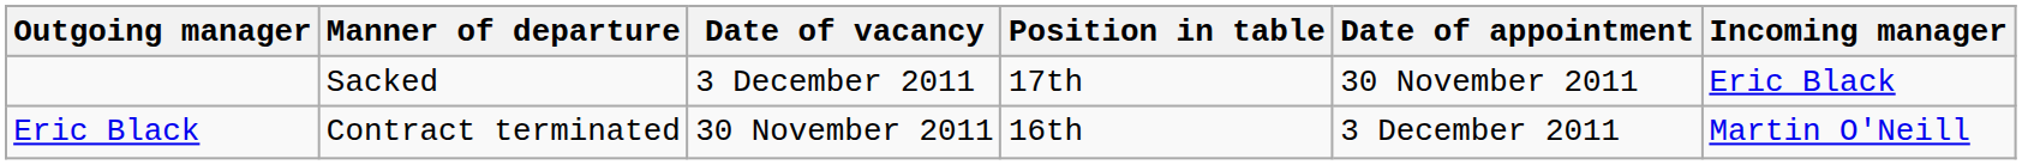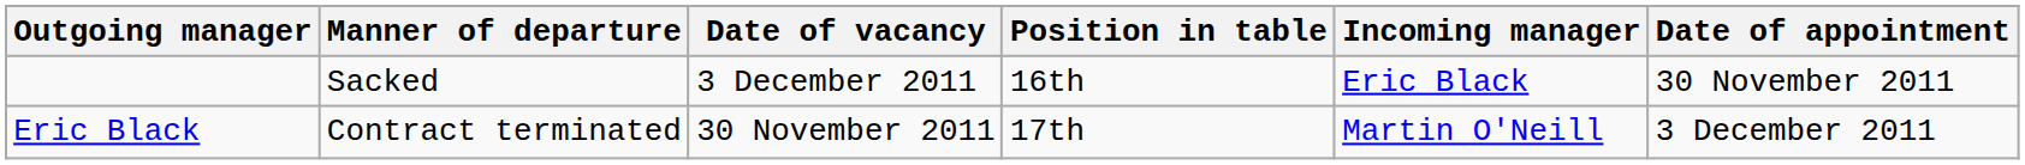 <table class="wikitable">
 <tr>
 <th>Outgoing manager</th>
 <th>Manner of departure</th>
 <th>Date of vacancy</th>
 <th>Position in table</th>
+<th>Incoming manager</th>
 <th>Date of appointment</th>
-<th>Incoming manager</th>
 </tr>
 <tr>
 <td> </td>
 <td>Sacked</td>
 <td>3 December 2011</td>
-<td>17th</td>
+<td>16th</td>
+<td> <a href='#'>Eric Black</a></td>
 <td>30 November 2011</td>
-<td> <a href='#'>Eric Black</a></td>
 </tr>
 <tr>
 <td> <a href='#'>Eric Black</a></td>
 <td>Contract terminated</td>
 <td>30 November 2011</td>
-<td>16th</td>
+<td>17th</td>
+<td> <a href='#'>Martin O'Neill</a></td>
 <td>3 December 2011</td>
-<td> <a href='#'>Martin O'Neill</a></td>
 </tr>
 </table>
